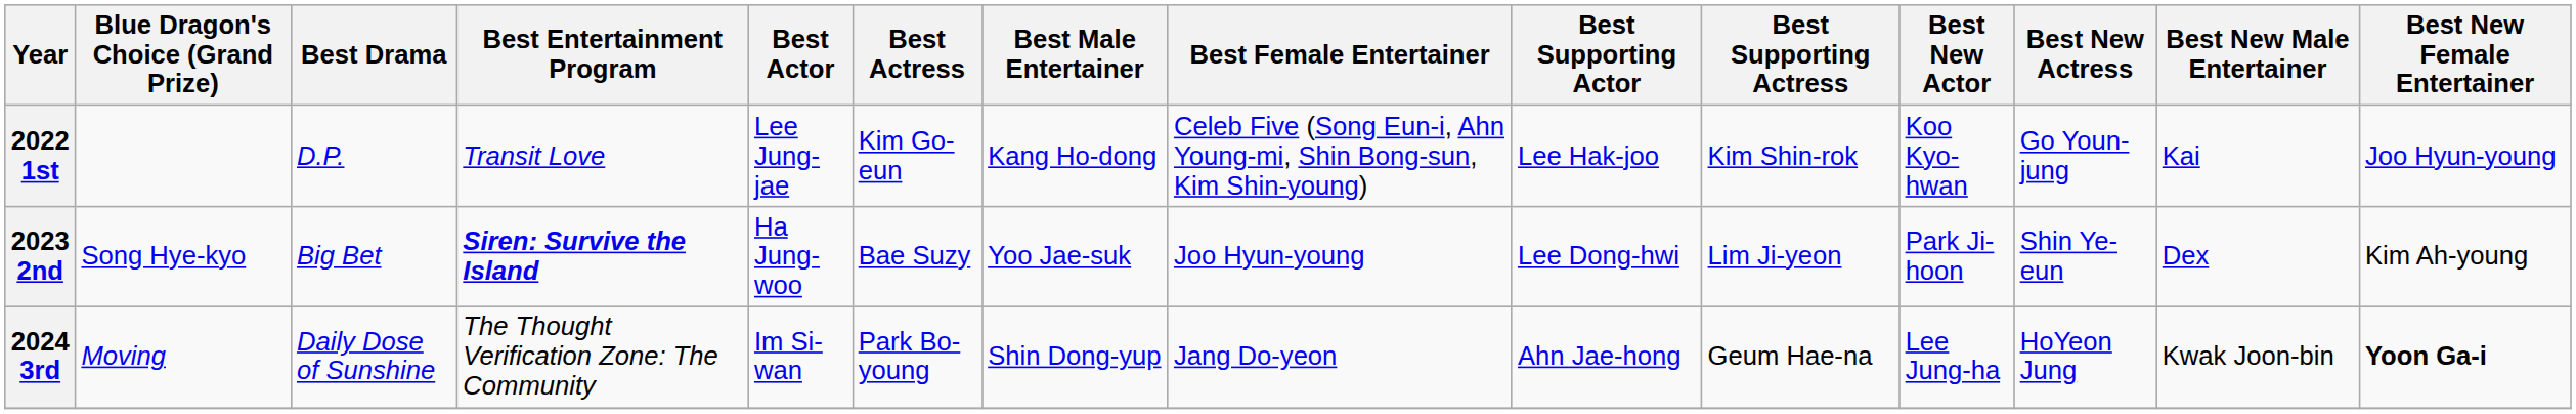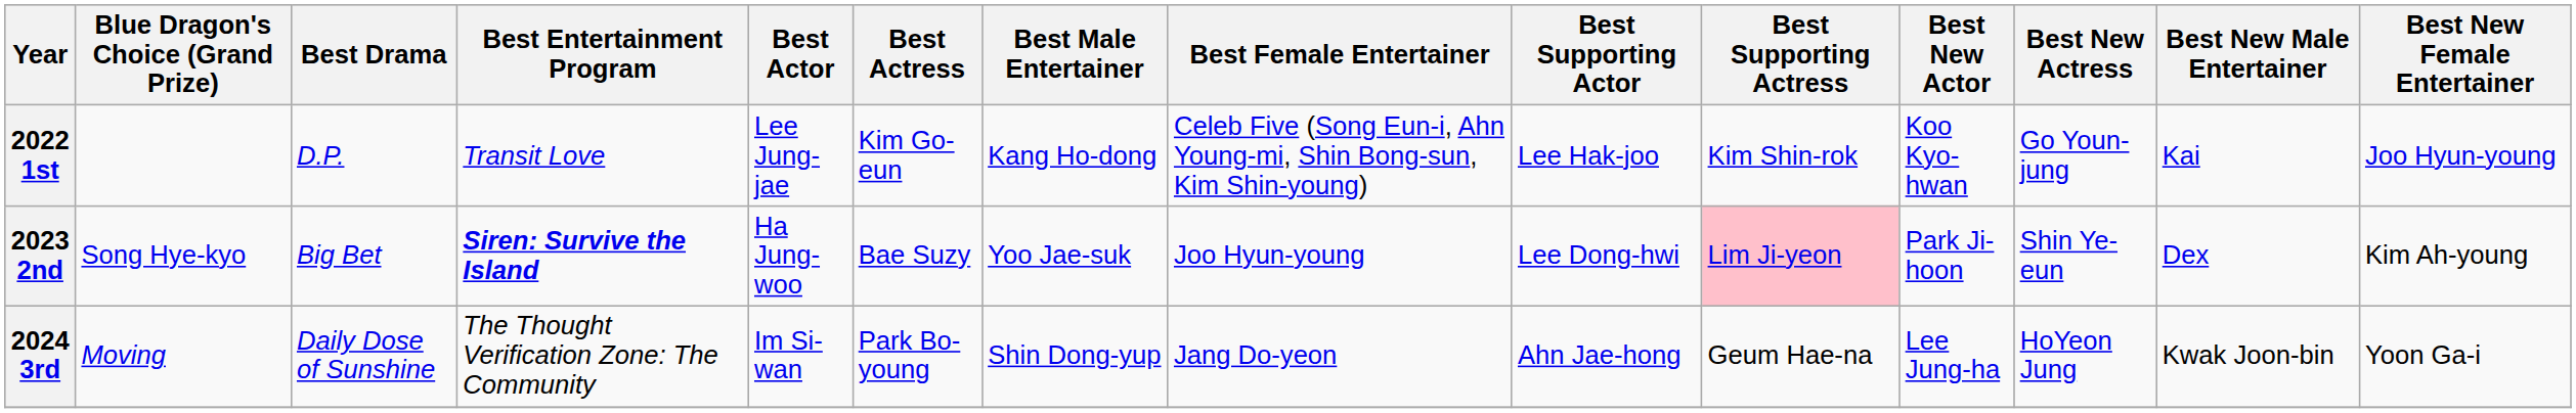 <table border="2"cellpadding="3"cellspacing="0"style="border-collapse:collapse;margin:0auto;" class="wikitable">
 <tr>
 <th>Year</th>
 <th>Blue Dragon's Choice (Grand Prize)</th>
 <th>Best Drama</th>
 <th>Best Entertainment Program</th>
 <th>Best Actor</th>
 <th>Best Actress</th>
 <th>Best Male Entertainer</th>
 <th>Best Female Entertainer</th>
 <th>Best Supporting Actor</th>
 <th>Best Supporting Actress</th>
 <th>Best New Actor</th>
 <th>Best New Actress</th>
 <th>Best New Male Entertainer</th>
 <th>Best New Female Entertainer</th>
 </tr>
 <tr>
 <th>2022<br><a href='#'>1st</a></th>
 <td></td>
 <td><em><a href='#'>D.P.</a></em></td>
 <td><em><a href='#'>Transit Love</a></em></td>
 <td><a href='#'>Lee Jung-jae</a></td>
 <td><a href='#'>Kim Go-eun</a></td>
 <td><a href='#'>Kang Ho-dong</a></td>
 <td><a href='#'>Celeb Five</a> (<a href='#'>Song Eun-i</a>, <a href='#'>Ahn Young-mi</a>, <a href='#'>Shin Bong-sun</a>, <a href='#'>Kim Shin-young</a>)</td>
 <td><a href='#'>Lee Hak-joo</a></td>
 <td><a href='#'>Kim Shin-rok</a></td>
 <td><a href='#'>Koo Kyo-hwan</a></td>
 <td><a href='#'>Go Youn-jung</a></td>
 <td><a href='#'>Kai</a></td>
 <td><a href='#'>Joo Hyun-young</a></td>
 </tr>
 <tr>
 <th>2023<br><a href='#'>2nd</a></th>
 <td><a href='#'>Song Hye-kyo</a></td>
 <td><em><a href='#'>Big Bet</a></em></td>
 <td><strong><em><a href='#'>Siren: Survive the Island</a></em></strong></td>
 <td><a href='#'>Ha Jung-woo</a></td>
 <td><a href='#'>Bae Suzy</a></td>
 <td><a href='#'>Yoo Jae-suk</a></td>
 <td><a href='#'>Joo Hyun-young</a></td>
 <td><a href='#'>Lee Dong-hwi</a></td>
-<td><a href='#'>Lim Ji-yeon</a></td>
+<td style="background: pink;"><a href='#'>Lim Ji-yeon</a></td>
 <td><a href='#'>Park Ji-hoon</a></td>
 <td><a href='#'>Shin Ye-eun</a></td>
 <td><a href='#'>Dex</a></td>
 <td>Kim Ah-young</td>
 </tr>
 <tr>
 <th>2024<br><a href='#'>3rd</a></th>
 <td><em><a href='#'>Moving</a></em></td>
 <td><em><a href='#'>Daily Dose of Sunshine</a></em></td>
 <td><em>The Thought Verification Zone: The Community</em></td>
 <td><a href='#'>Im Si-wan</a></td>
 <td><a href='#'>Park Bo-young</a></td>
 <td><a href='#'>Shin Dong-yup</a></td>
 <td><a href='#'>Jang Do-yeon</a></td>
 <td><a href='#'>Ahn Jae-hong</a></td>
 <td>Geum Hae-na</td>
 <td><a href='#'>Lee Jung-ha</a></td>
 <td><a href='#'>HoYeon Jung</a></td>
 <td>Kwak Joon-bin</td>
-<td><strong>Yoon Ga-i</strong></td>
+<td>Yoon Ga-i</td>
 </tr>
 <tr>
 </tr>
 </table>
